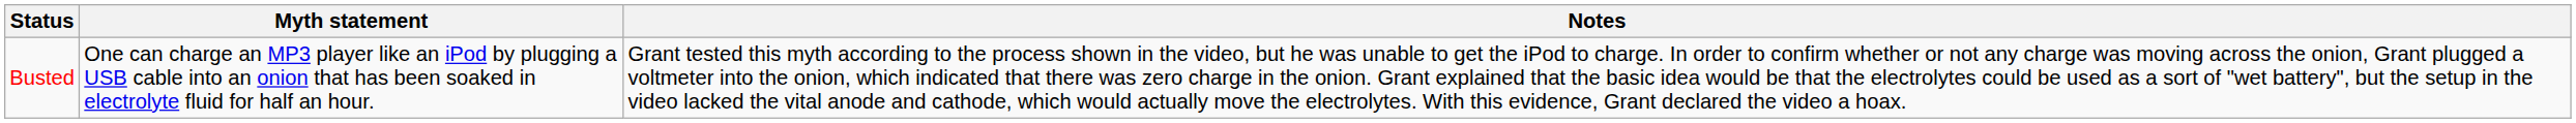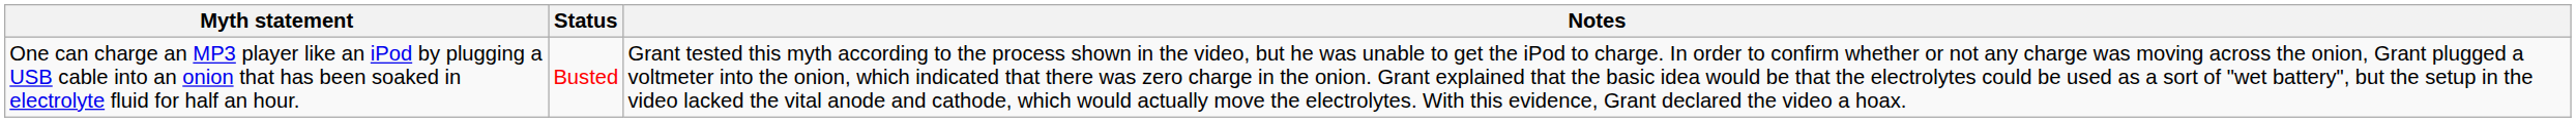 <table class="wikitable plainrowheaders">
 <tr>
+<th>Myth statement</th>
 <th>Status</th>
-<th>Myth statement</th>
 <th>Notes</th>
 </tr>
 <tr>
+<td>One can charge an <a href='#'>MP3</a> player like an <a href='#'>iPod</a> by plugging a <a href='#'>USB</a> cable into an <a href='#'>onion</a> that has been soaked in <a href='#'>electrolyte</a> fluid for half an hour.</td>
 <td style="color:red">Busted</td>
-<td>One can charge an <a href='#'>MP3</a> player like an <a href='#'>iPod</a> by plugging a <a href='#'>USB</a> cable into an <a href='#'>onion</a> that has been soaked in <a href='#'>electrolyte</a> fluid for half an hour.</td>
 <td>Grant tested this myth according to the process shown in the video, but he was unable to get the iPod to charge. In order to confirm whether or not any charge was moving across the onion, Grant plugged a voltmeter into the onion, which indicated that there was zero charge in the onion. Grant explained that the basic idea would be that the electrolytes could be used as a sort of "wet battery", but the setup in the video lacked the vital anode and cathode, which would actually move the electrolytes. With this evidence, Grant declared the video a hoax.</td>
 </tr>
 </table>
